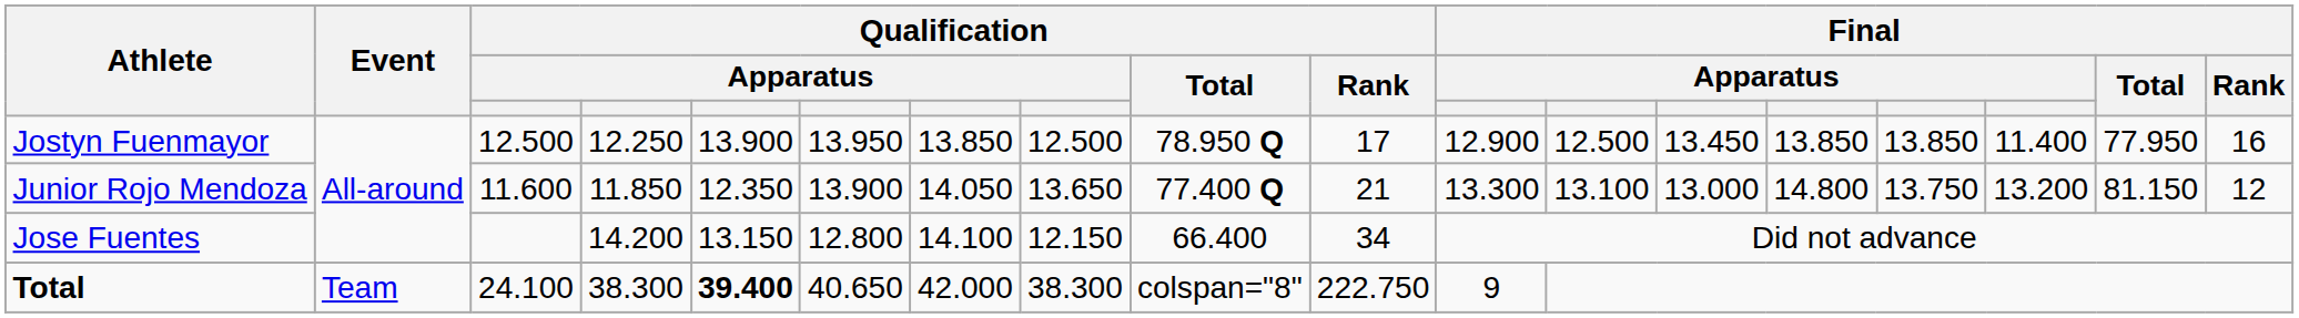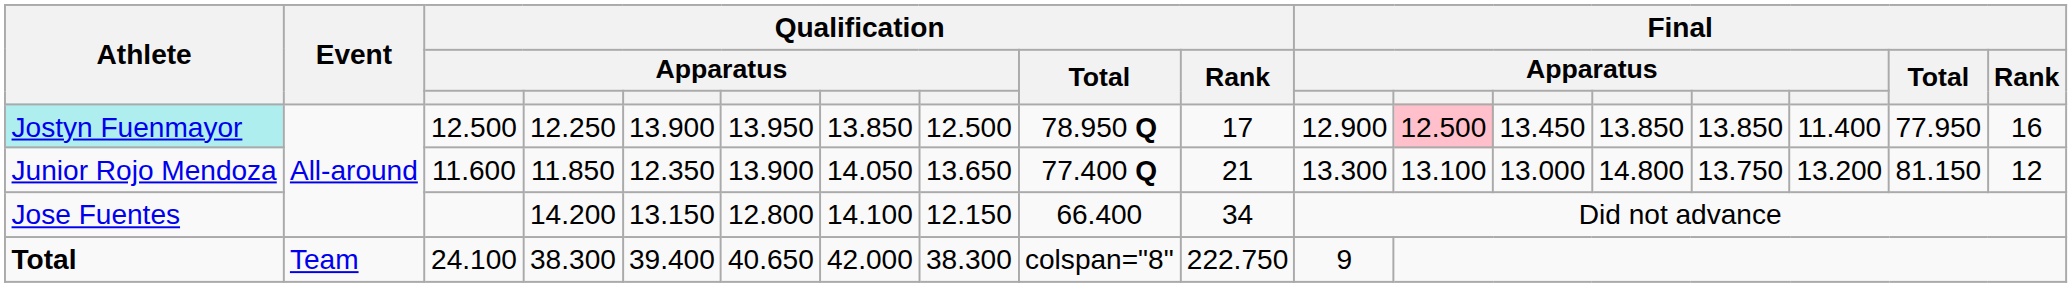 <table class="wikitable" style="font-size:90%">
 <tr>
 <th rowspan=3>Athlete</th>
 <th rowspan=3>Event</th>
 <th colspan =8>Qualification</th>
 <th colspan =8>Final</th>
 </tr>
 <tr style="font-size:95%">
 <th colspan=6>Apparatus</th>
 <th rowspan=2>Total</th>
 <th rowspan=2>Rank</th>
 <th colspan=6>Apparatus</th>
 <th rowspan=2>Total</th>
 <th rowspan=2>Rank</th>
 </tr>
 <tr style="font-size:95%">
 <th></th>
 <th></th>
 <th></th>
 <th></th>
 <th></th>
 <th></th>
 <th></th>
 <th></th>
 <th></th>
 <th></th>
 <th></th>
 <th></th>
 </tr>
 <tr align=center>
-<td align=left><a href='#'>Jostyn Fuenmayor</a></td>
+<td align=left style="background: paleturquoise;"><a href='#'>Jostyn Fuenmayor</a></td>
 <td style="text-align:left;" rowspan="3"><a href='#'>All-around</a></td>
 <td>12.500</td>
 <td>12.250</td>
 <td>13.900</td>
 <td>13.950</td>
 <td>13.850</td>
 <td>12.500</td>
 <td>78.950 <strong>Q</strong></td>
 <td>17</td>
 <td>12.900</td>
-<td>12.500</td>
+<td style="background: pink;">12.500</td>
 <td>13.450</td>
 <td>13.850</td>
 <td>13.850</td>
 <td>11.400</td>
 <td>77.950</td>
 <td>16</td>
 </tr>
 <tr align=center>
 <td align=left><a href='#'>Junior Rojo Mendoza</a></td>
 <td>11.600</td>
 <td>11.850</td>
 <td>12.350</td>
 <td>13.900</td>
 <td>14.050</td>
 <td>13.650</td>
 <td>77.400 <strong>Q</strong></td>
 <td>21</td>
 <td>13.300</td>
 <td>13.100</td>
 <td>13.000</td>
 <td>14.800</td>
 <td>13.750</td>
 <td>13.200</td>
 <td>81.150</td>
 <td>12</td>
 </tr>
 <tr align=center>
 <td align=left><a href='#'>Jose Fuentes</a></td>
 <td></td>
 <td>14.200</td>
 <td>13.150</td>
 <td>12.800</td>
 <td>14.100</td>
 <td>12.150</td>
 <td>66.400</td>
 <td>34</td>
 <td colspan="8">Did not advance</td>
 </tr>
 <tr align=center>
 <td align=left><strong>Total</strong></td>
 <td style="text-align:left;"><a href='#'>Team</a></td>
 <td>24.100</td>
 <td>38.300</td>
-<td><strong>39.400</strong></td>
+<td>39.400</td>
 <td>40.650</td>
 <td>42.000</td>
 <td>38.300</td>
 <td>colspan="8" </td>
 <td>222.750</td>
 <td>9</td>
 </tr>
 </table>
